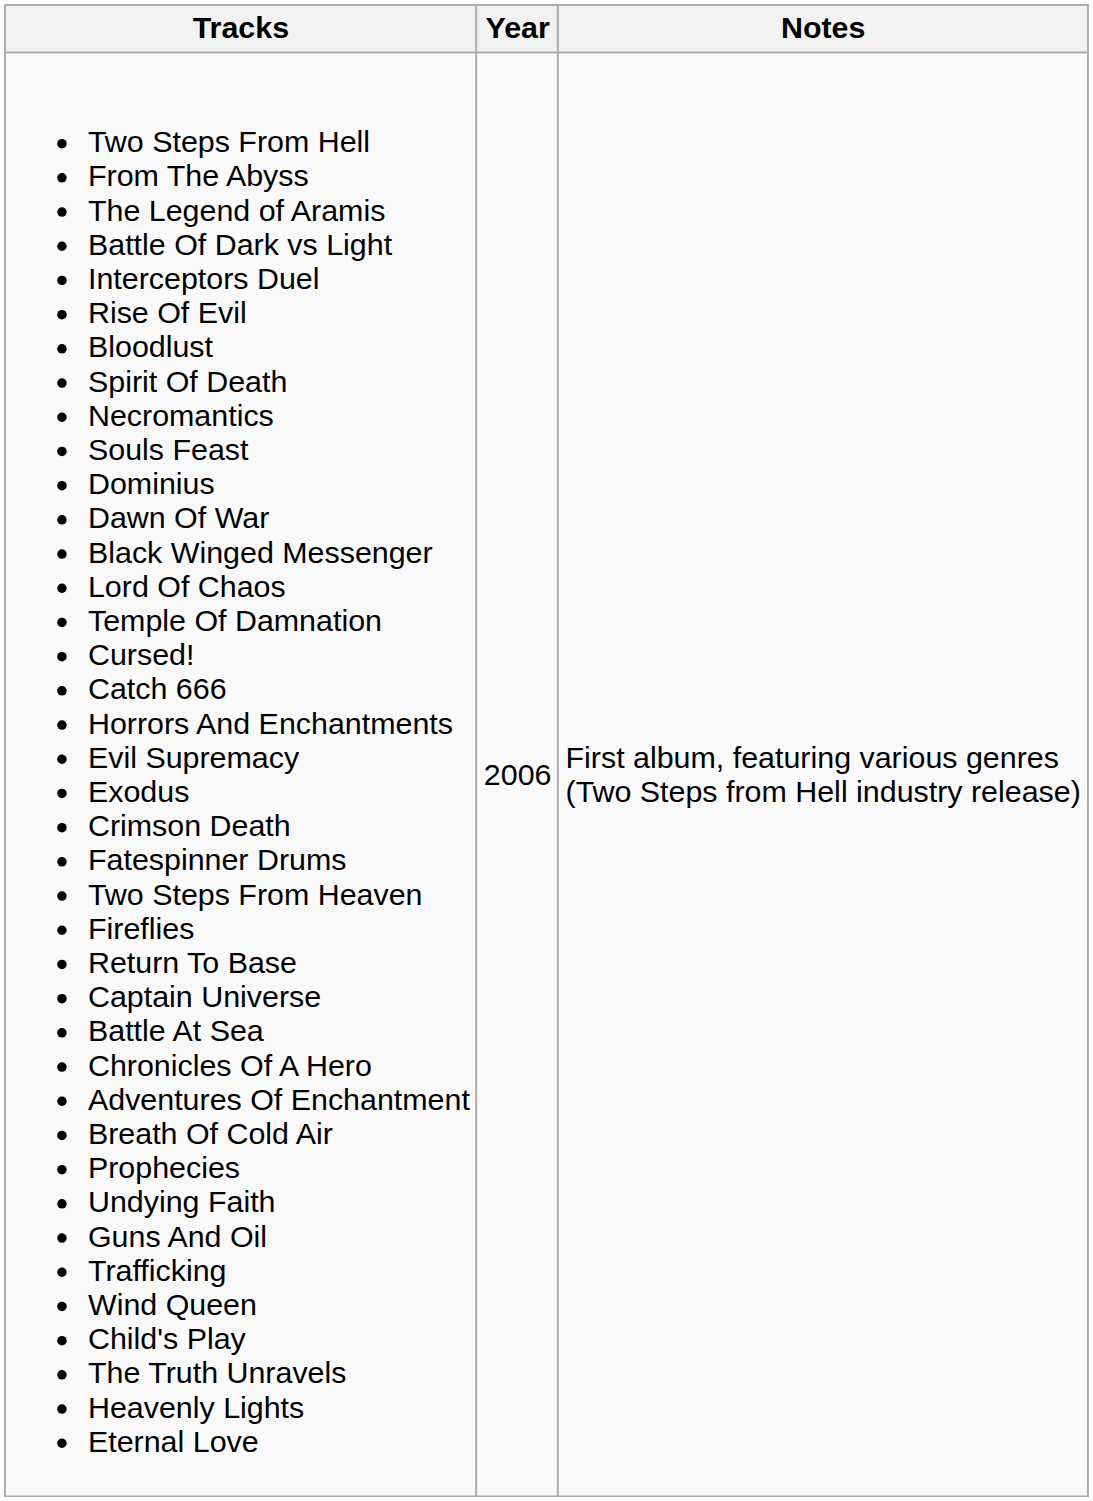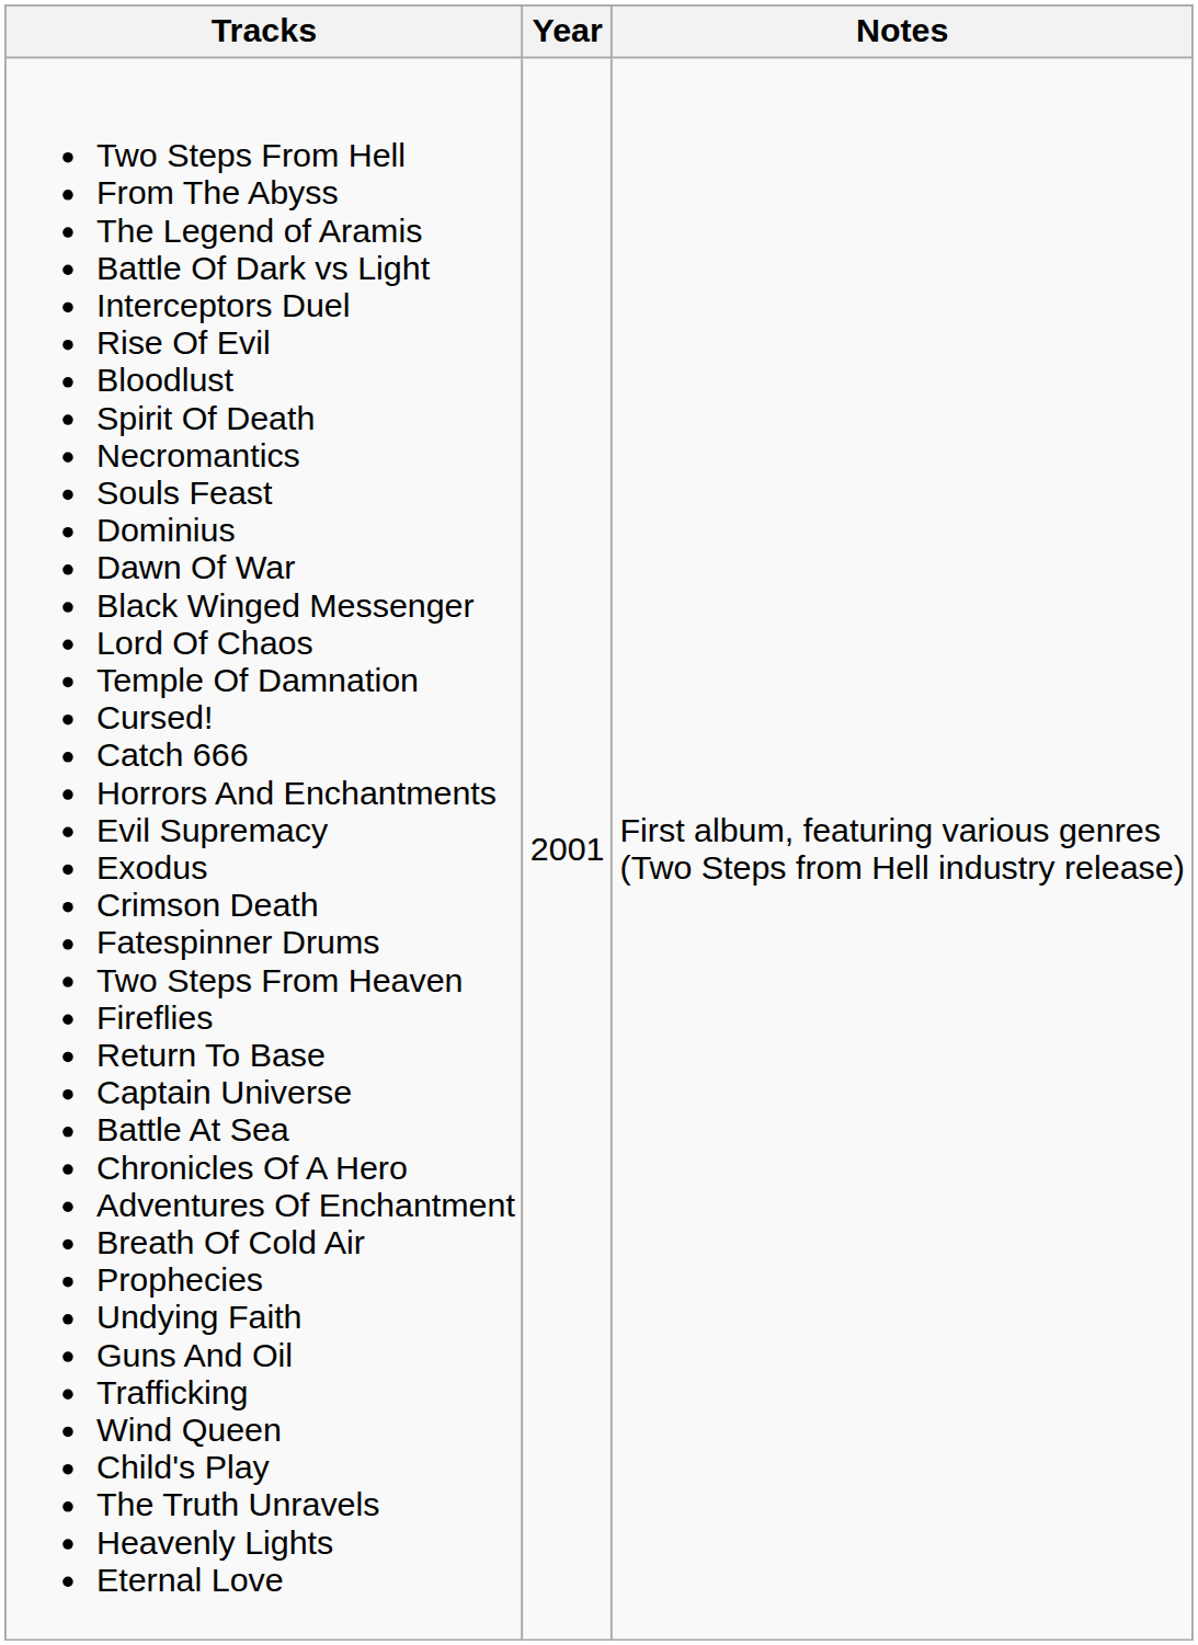 <table class="wikitable sortable">
 <tr>
 <th>Tracks</th>
 <th>Year</th>
 <th>Notes</th>
 </tr>
 <tr>
 <td><br><ul><li>Two Steps From Hell</li><li>From The Abyss</li><li>The Legend of Aramis</li><li>Battle Of Dark vs Light</li><li>Interceptors Duel</li><li>Rise Of Evil</li><li>Bloodlust</li><li>Spirit Of Death</li><li>Necromantics</li><li>Souls Feast</li><li>Dominius</li><li>Dawn Of War</li><li>Black Winged Messenger</li><li>Lord Of Chaos</li><li>Temple Of Damnation</li><li>Cursed!</li><li>Catch 666</li><li>Horrors And Enchantments</li><li>Evil Supremacy</li><li>Exodus</li><li>Crimson Death</li><li>Fatespinner Drums</li><li>Two Steps From Heaven</li><li>Fireflies</li><li>Return To Base</li><li>Captain Universe</li><li>Battle At Sea</li><li>Chronicles Of A Hero</li><li>Adventures Of Enchantment</li><li>Breath Of Cold Air</li><li>Prophecies</li><li>Undying Faith</li><li>Guns And Oil</li><li>Trafficking</li><li>Wind Queen</li><li>Child's Play</li><li>The Truth Unravels</li><li>Heavenly Lights</li><li>Eternal Love</li></ul></td>
-<td>2006</td>
+<td>2001</td>
 <td>First album, featuring various genres<br>(Two Steps from Hell industry release)</td>
 </tr>
 </table>
